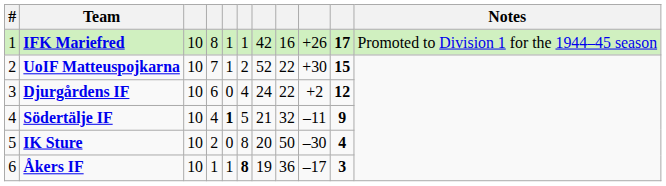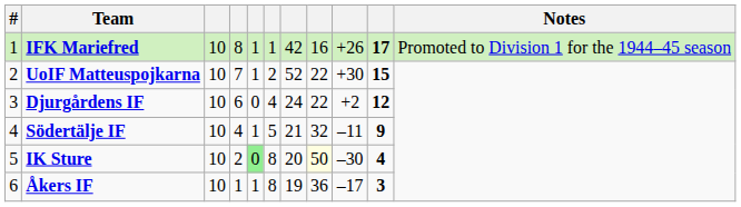 <table class="wikitable sortable">
 <tr>
 <th>#</th>
 <th>Team</th>
 <th></th>
 <th></th>
 <th></th>
 <th></th>
 <th></th>
 <th></th>
 <th></th>
 <th></th>
 <th>Notes</th>
 </tr>
 <tr style="background: #D0F0C0;">
 <td>1</td>
 <td style="font-weight:bold;"><a href='#'>IFK Mariefred</a></td>
 <td style="text-align: center;">10</td>
 <td style="text-align: center;">8</td>
 <td style="text-align: center;">1</td>
 <td style="text-align: center;">1</td>
 <td style="text-align: center;">42</td>
 <td style="text-align: center;">16</td>
 <td style="text-align: center;">+26</td>
 <td style="text-align: center; font-weight:bold;">17</td>
 <td>Promoted to <a href='#'>Division 1</a> for the <a href='#'>1944–45 season</a></td>
 </tr>
 <tr>
 <td>2</td>
 <td style="font-weight:bold;"><a href='#'>UoIF Matteuspojkarna</a></td>
 <td style="text-align: center;">10</td>
 <td style="text-align: center;">7</td>
 <td style="text-align: center;">1</td>
 <td style="text-align: center;">2</td>
 <td style="text-align: center;">52</td>
 <td style="text-align: center;">22</td>
 <td style="text-align: center;">+30</td>
 <td style="text-align: center; font-weight:bold;">15</td>
 </tr>
 <tr>
 <td>3</td>
 <td style="font-weight:bold;"><a href='#'>Djurgårdens IF</a></td>
 <td style="text-align: center;">10</td>
 <td style="text-align: center;">6</td>
 <td style="text-align: center;">0</td>
 <td style="text-align: center;">4</td>
 <td style="text-align: center;">24</td>
 <td style="text-align: center;">22</td>
 <td style="text-align: center;">+2</td>
 <td style="text-align: center; font-weight:bold;">12</td>
 </tr>
 <tr>
 <td>4</td>
 <td style="font-weight:bold;"><a href='#'>Södertälje IF</a></td>
 <td style="text-align: center;">10</td>
 <td style="text-align: center;">4</td>
-<td style="text-align: center;"><strong>1</strong></td>
+<td style="text-align: center;">1</td>
 <td style="text-align: center;">5</td>
 <td style="text-align: center;">21</td>
 <td style="text-align: center;">32</td>
 <td style="text-align: center;">–11</td>
 <td style="text-align: center; font-weight:bold;">9</td>
 </tr>
 <tr>
 <td>5</td>
 <td style="font-weight:bold;"><a href='#'>IK Sture</a></td>
 <td style="text-align: center;">10</td>
 <td style="text-align: center;">2</td>
-<td style="text-align: center;">0</td>
+<td style="background: lightgreen; text-align: center;">0</td>
 <td style="text-align: center;">8</td>
 <td style="text-align: center;">20</td>
-<td style="text-align: center;">50</td>
+<td style="background: lightyellow; text-align: center;">50</td>
 <td style="text-align: center;">–30</td>
 <td style="text-align: center; font-weight:bold;">4</td>
 </tr>
 <tr>
 <td>6</td>
 <td style="font-weight:bold;"><a href='#'>Åkers IF</a></td>
 <td style="text-align: center;">10</td>
 <td style="text-align: center;">1</td>
 <td style="text-align: center;">1</td>
-<td style="text-align: center;"><strong>8</strong></td>
+<td style="text-align: center;">8</td>
 <td style="text-align: center;">19</td>
 <td style="text-align: center;">36</td>
 <td style="text-align: center;">–17</td>
 <td style="text-align: center; font-weight:bold;">3</td>
 </tr>
 </table>
